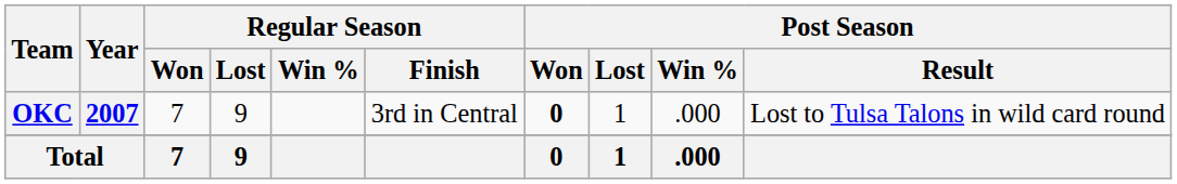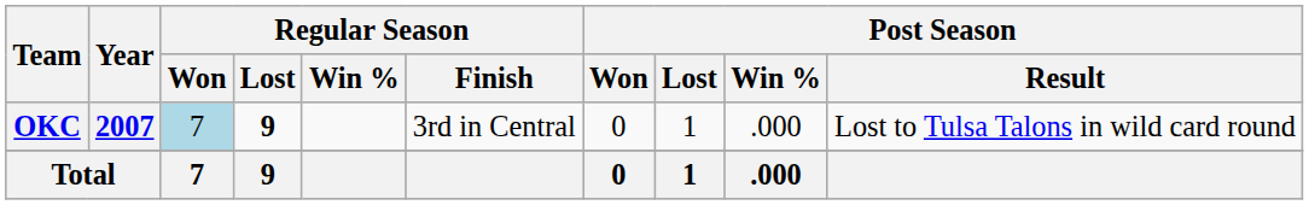 <table class="wikitable" style="font-size: 95%; text-align:center;">
 <tr>
 <th rowspan="2">Team</th>
 <th rowspan="2">Year</th>
 <th colspan="4">Regular Season</th>
 <th colspan="4">Post Season</th>
 </tr>
 <tr>
 <th>Won</th>
 <th>Lost</th>
 <th>Win %</th>
 <th>Finish</th>
 <th>Won</th>
 <th>Lost</th>
 <th>Win %</th>
 <th>Result</th>
 </tr>
 <tr>
 <th><a href='#'>OKC</a></th>
 <th><a href='#'>2007</a></th>
-<td>7</td>
-<td>9</td>
+<td style="background: lightblue;">7</td>
+<td><strong>9</strong></td>
 <td></td>
 <td>3rd in Central</td>
-<td><strong>0</strong></td>
+<td>0</td>
 <td>1</td>
 <td>.000</td>
 <td>Lost to <a href='#'>Tulsa Talons</a> in wild card round</td>
 </tr>
 <tr>
 </tr>
 <tr>
 <th colspan="2">Total</th>
 <th>7</th>
 <th>9</th>
 <th></th>
 <th></th>
 <th>0</th>
 <th>1</th>
 <th>.000</th>
 <th></th>
 </tr>
 </table>
